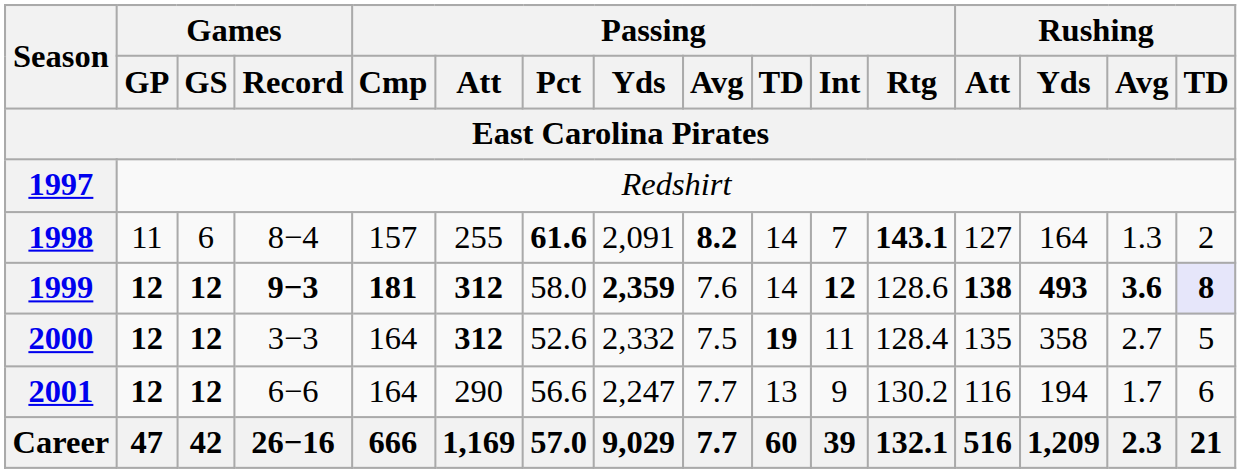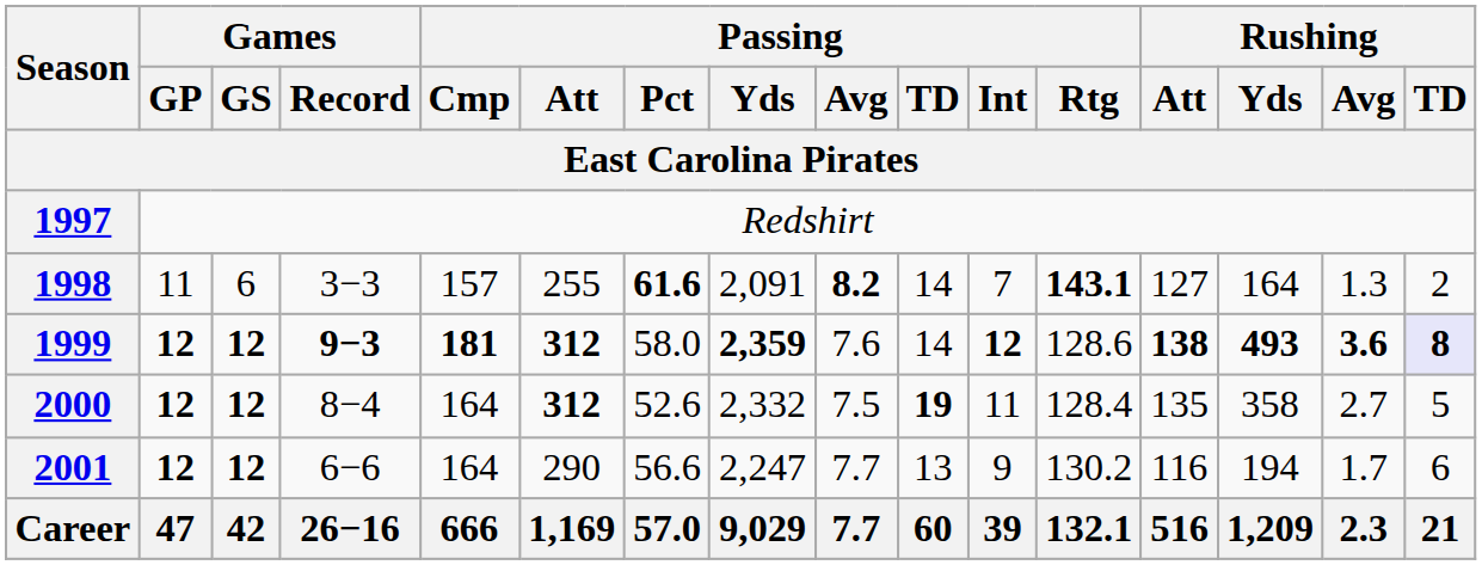 <table class="wikitable" style="text-align:center;">
 <tr>
 <th rowspan="2">Season</th>
 <th colspan="3">Games</th>
 <th colspan="8">Passing</th>
 <th colspan="5">Rushing</th>
 </tr>
 <tr>
 <th>GP</th>
 <th>GS</th>
 <th>Record</th>
 <th>Cmp</th>
 <th>Att</th>
 <th>Pct</th>
 <th>Yds</th>
 <th>Avg</th>
 <th>TD</th>
 <th>Int</th>
 <th>Rtg</th>
 <th>Att</th>
 <th>Yds</th>
 <th>Avg</th>
 <th>TD</th>
 </tr>
 <tr>
 <th colspan="16">East Carolina Pirates</th>
 </tr>
 <tr>
 <th><a href='#'>1997</a></th>
 <td colspan="15"><em>Redshirt </em></td>
 </tr>
 <tr>
 <th><a href='#'>1998</a></th>
 <td>11</td>
 <td>6</td>
-<td>8−4</td>
+<td>3−3</td>
 <td>157</td>
 <td>255</td>
 <td><strong>61.6</strong></td>
 <td>2,091</td>
 <td><strong>8.2</strong></td>
 <td>14</td>
 <td>7</td>
 <td><strong>143.1</strong></td>
 <td>127</td>
 <td>164</td>
 <td>1.3</td>
 <td>2</td>
 </tr>
 <tr>
 <th><a href='#'>1999</a></th>
 <td><strong>12</strong></td>
 <td><strong>12</strong></td>
 <td><strong>9−3</strong></td>
 <td><strong>181</strong></td>
 <td><strong>312</strong></td>
 <td>58.0</td>
 <td><strong>2,359</strong></td>
 <td>7.6</td>
 <td>14</td>
 <td><strong>12</strong></td>
 <td>128.6</td>
 <td><strong>138</strong></td>
 <td><strong>493</strong></td>
 <td><strong>3.6</strong></td>
 <td style="background: lavender;"><strong>8</strong></td>
 </tr>
 <tr>
 <th><a href='#'>2000</a></th>
 <td><strong>12</strong></td>
 <td><strong>12</strong></td>
-<td>3−3</td>
+<td>8−4</td>
 <td>164</td>
 <td><strong>312</strong></td>
 <td>52.6</td>
 <td>2,332</td>
 <td>7.5</td>
 <td><strong>19</strong></td>
 <td>11</td>
 <td>128.4</td>
 <td>135</td>
 <td>358</td>
 <td>2.7</td>
 <td>5</td>
 </tr>
 <tr>
 <th><a href='#'>2001</a></th>
 <td><strong>12</strong></td>
 <td><strong>12</strong></td>
 <td>6−6</td>
 <td>164</td>
 <td>290</td>
 <td>56.6</td>
 <td>2,247</td>
 <td>7.7</td>
 <td>13</td>
 <td>9</td>
 <td>130.2</td>
 <td>116</td>
 <td>194</td>
 <td>1.7</td>
 <td>6</td>
 </tr>
 <tr>
 <th>Career</th>
 <th>47</th>
 <th>42</th>
 <th>26−16</th>
 <th>666</th>
 <th>1,169</th>
 <th>57.0</th>
 <th>9,029</th>
 <th>7.7</th>
 <th>60</th>
 <th>39</th>
 <th>132.1</th>
 <th>516</th>
 <th>1,209</th>
 <th>2.3</th>
 <th>21</th>
 </tr>
 </table>
